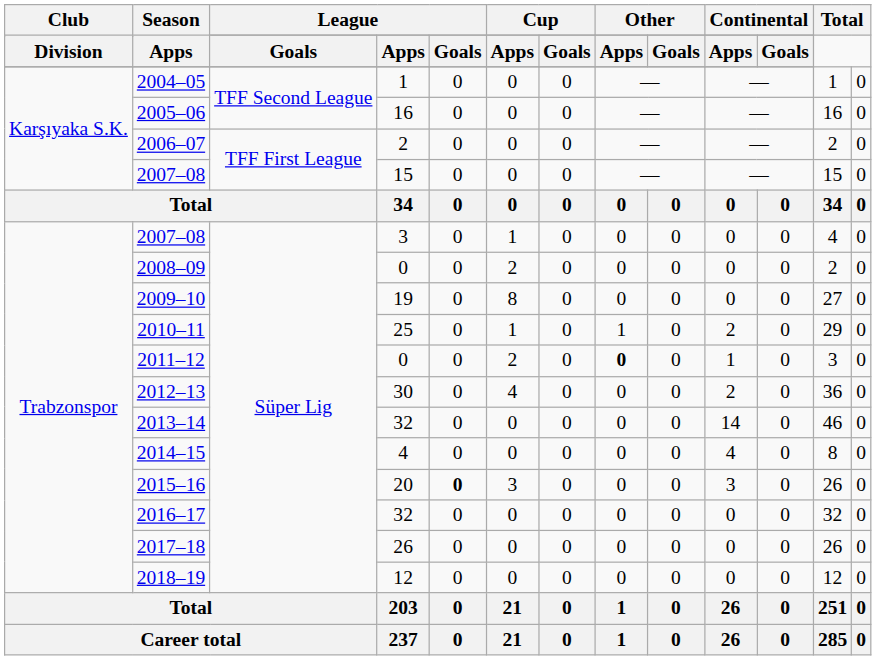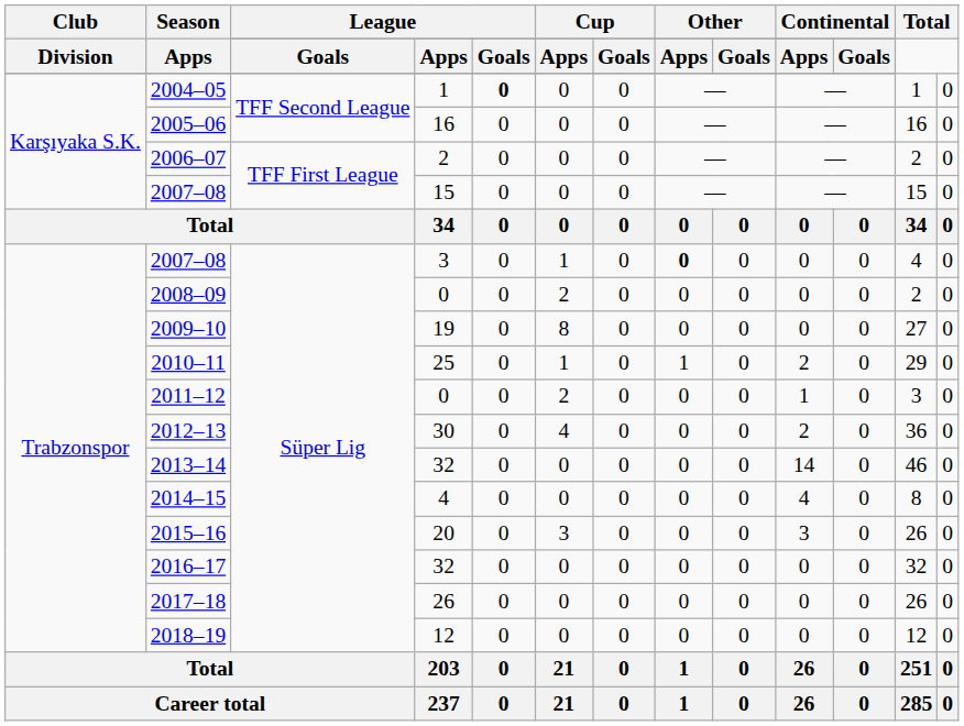 <table class="wikitable" style="text-align:center">
 <tr>
 <th rowspan="2">Club</th>
 <th rowspan="2">Season</th>
 <th colspan="3">League</th>
 <th colspan="2">Cup</th>
 <th colspan="2">Other</th>
 <th colspan="2">Continental</th>
 <th colspan="2">Total</th>
 </tr>
 <tr>
 </tr>
 <tr>
 <th>Division</th>
 <th>Apps</th>
 <th>Goals</th>
 <th>Apps</th>
 <th>Goals</th>
 <th>Apps</th>
 <th>Goals</th>
 <th>Apps</th>
 <th>Goals</th>
 <th>Apps</th>
 <th>Goals</th>
 </tr>
 <tr>
 </tr>
 <tr style="text-align:center;">
 <td rowspan="4" style="vertical-align:center;"><a href='#'>Karşıyaka S.K.</a></td>
 <td><a href='#'>2004–05</a></td>
 <td rowspan="2"><a href='#'>TFF Second League</a></td>
 <td>1</td>
-<td>0</td>
+<td><strong>0</strong></td>
 <td>0</td>
 <td>0</td>
 <td colspan="2">—</td>
 <td colspan="2">—</td>
 <td>1</td>
 <td>0</td>
 </tr>
 <tr>
 <td><a href='#'>2005–06</a></td>
 <td>16</td>
 <td>0</td>
 <td>0</td>
 <td>0</td>
 <td colspan="2">—</td>
 <td colspan="2">—</td>
 <td>16</td>
 <td>0</td>
 </tr>
 <tr>
 <td><a href='#'>2006–07</a></td>
 <td rowspan="2"><a href='#'>TFF First League</a></td>
 <td>2</td>
 <td>0</td>
 <td>0</td>
 <td>0</td>
 <td colspan="2">—</td>
 <td colspan="2">—</td>
 <td>2</td>
 <td>0</td>
 </tr>
 <tr>
 <td><a href='#'>2007–08</a></td>
 <td>15</td>
 <td>0</td>
 <td>0</td>
 <td>0</td>
 <td colspan="2">—</td>
 <td colspan="2">—</td>
 <td>15</td>
 <td>0</td>
 </tr>
 <tr>
 <th colspan=3>Total</th>
 <th>34</th>
 <th>0</th>
 <th>0</th>
 <th>0</th>
 <th>0</th>
 <th>0</th>
 <th>0</th>
 <th>0</th>
 <th>34</th>
 <th>0</th>
 </tr>
 <tr style="text-align:center;">
 <td rowspan="12" style="vertical-align:center;"><a href='#'>Trabzonspor</a></td>
 <td><a href='#'>2007–08</a></td>
 <td rowspan="12"><a href='#'>Süper Lig</a></td>
 <td>3</td>
 <td>0</td>
 <td>1</td>
 <td>0</td>
-<td>0</td>
+<td><strong>0</strong></td>
 <td>0</td>
 <td>0</td>
 <td>0</td>
 <td>4</td>
 <td>0</td>
 </tr>
 <tr>
 <td><a href='#'>2008–09</a></td>
 <td>0</td>
 <td>0</td>
 <td>2</td>
 <td>0</td>
 <td>0</td>
 <td>0</td>
 <td>0</td>
 <td>0</td>
 <td>2</td>
 <td>0</td>
 </tr>
 <tr>
 <td><a href='#'>2009–10</a></td>
 <td>19</td>
 <td>0</td>
 <td>8</td>
 <td>0</td>
 <td>0</td>
 <td>0</td>
 <td>0</td>
 <td>0</td>
 <td>27</td>
 <td>0</td>
 </tr>
 <tr>
 <td><a href='#'>2010–11</a></td>
 <td>25</td>
 <td>0</td>
 <td>1</td>
 <td>0</td>
 <td>1</td>
 <td>0</td>
 <td>2</td>
 <td>0</td>
 <td>29</td>
 <td>0</td>
 </tr>
 <tr>
 <td><a href='#'>2011–12</a></td>
 <td>0</td>
 <td>0</td>
 <td>2</td>
 <td>0</td>
-<td><strong>0</strong></td>
+<td>0</td>
 <td>0</td>
 <td>1</td>
 <td>0</td>
 <td>3</td>
 <td>0</td>
 </tr>
 <tr>
 <td><a href='#'>2012–13</a></td>
 <td>30</td>
 <td>0</td>
 <td>4</td>
 <td>0</td>
 <td>0</td>
 <td>0</td>
 <td>2</td>
 <td>0</td>
 <td>36</td>
 <td>0</td>
 </tr>
 <tr>
 <td><a href='#'>2013–14</a></td>
 <td>32</td>
 <td>0</td>
 <td>0</td>
 <td>0</td>
 <td>0</td>
 <td>0</td>
 <td>14</td>
 <td>0</td>
 <td>46</td>
 <td>0</td>
 </tr>
 <tr>
 <td><a href='#'>2014–15</a></td>
 <td>4</td>
 <td>0</td>
 <td>0</td>
 <td>0</td>
 <td>0</td>
 <td>0</td>
 <td>4</td>
 <td>0</td>
 <td>8</td>
 <td>0</td>
 </tr>
 <tr>
 <td><a href='#'>2015–16</a></td>
 <td>20</td>
-<td><strong>0</strong></td>
+<td>0</td>
 <td>3</td>
 <td>0</td>
 <td>0</td>
 <td>0</td>
 <td>3</td>
 <td>0</td>
 <td>26</td>
 <td>0</td>
 </tr>
 <tr>
 <td><a href='#'>2016–17</a></td>
 <td>32</td>
 <td>0</td>
 <td>0</td>
 <td>0</td>
 <td>0</td>
 <td>0</td>
 <td>0</td>
 <td>0</td>
 <td>32</td>
 <td>0</td>
 </tr>
 <tr>
 <td><a href='#'>2017–18</a></td>
 <td>26</td>
 <td>0</td>
 <td>0</td>
 <td>0</td>
 <td>0</td>
 <td>0</td>
 <td>0</td>
 <td>0</td>
 <td>26</td>
 <td>0</td>
 </tr>
 <tr>
 <td><a href='#'>2018–19</a></td>
 <td>12</td>
 <td>0</td>
 <td>0</td>
 <td>0</td>
 <td>0</td>
 <td>0</td>
 <td>0</td>
 <td>0</td>
 <td>12</td>
 <td>0</td>
 </tr>
 <tr>
 <th colspan=3>Total</th>
 <th>203</th>
 <th>0</th>
 <th>21</th>
 <th>0</th>
 <th>1</th>
 <th>0</th>
 <th>26</th>
 <th>0</th>
 <th>251</th>
 <th>0</th>
 </tr>
 <tr>
 <th colspan=3>Career total</th>
 <th>237</th>
 <th>0</th>
 <th>21</th>
 <th>0</th>
 <th>1</th>
 <th>0</th>
 <th>26</th>
 <th>0</th>
 <th>285</th>
 <th>0</th>
 </tr>
 </table>
